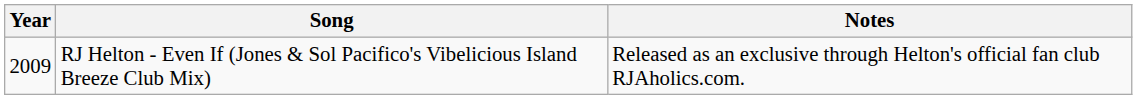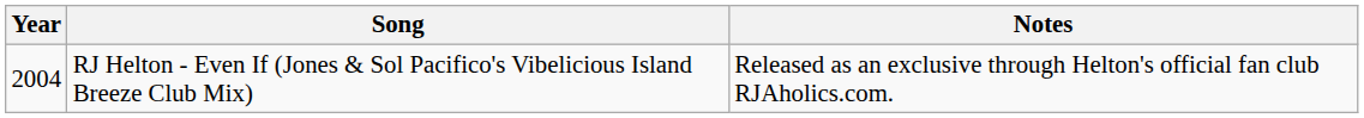 <table class="wikitable">
 <tr>
 <th>Year</th>
 <th>Song</th>
 <th>Notes</th>
 </tr>
 <tr>
-<td>2009</td>
+<td>2004</td>
 <td>RJ Helton - Even If (Jones & Sol Pacifico's Vibelicious Island Breeze Club Mix)</td>
 <td>Released as an exclusive through Helton's official fan club RJAholics.com.</td>
 </tr>
 </table>
